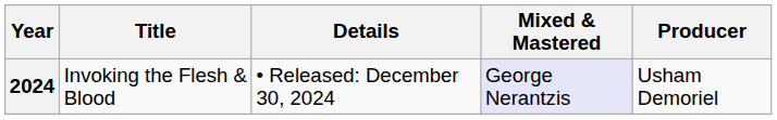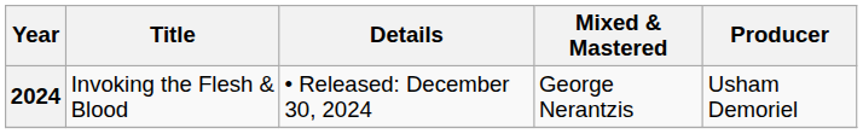 <table class="wikitable">
 <tr>
 <th>Year</th>
 <th>Title</th>
 <th>Details</th>
 <th>Mixed & Mastered</th>
 <th>Producer</th>
 </tr>
 <tr>
 <th>2024</th>
 <td>Invoking the Flesh & Blood</td>
 <td>•	Released: December 30, 2024</td>
-<td style="background: lavender;">George Nerantzis</td>
+<td>George Nerantzis</td>
 <td>Usham Demoriel</td>
 </tr>
 <tr>
 </tr>
 </table>
